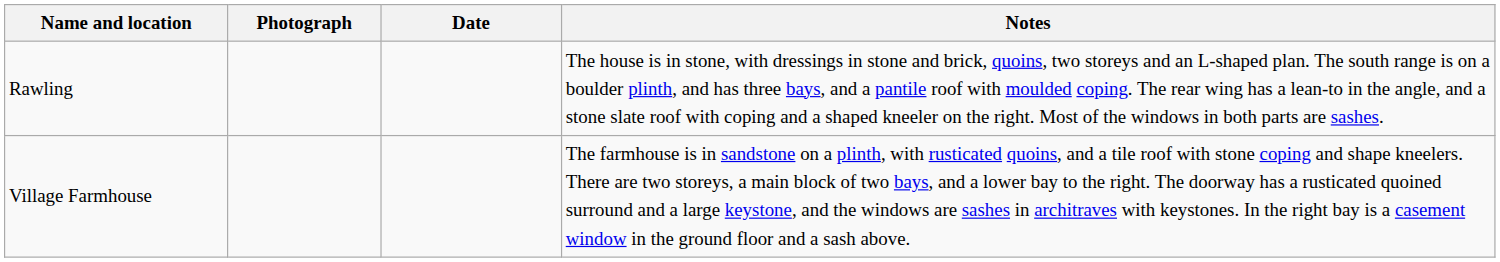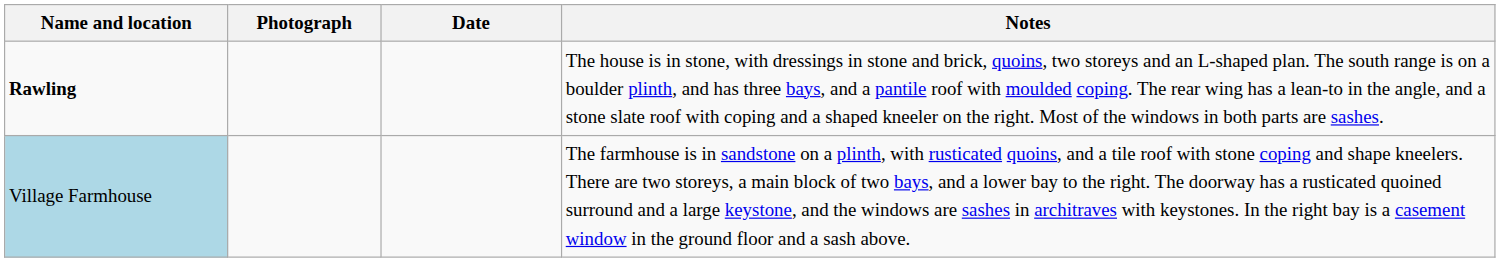 <table class="wikitable sortable plainrowheaders" style="width:100%;border:0px;text-align:left;line-height:150%;">
 <tr>
 <th scope="col"  style="width:150px">Name and location</th>
 <th scope="col"  style="width:100px" class="unsortable">Photograph</th>
 <th scope="col"  style="width:120px">Date</th>
 <th scope="col"  style="width:650px" class ="unsortable">Notes</th>
 </tr>
 <tr>
-<td>Rawling<br><small></small></td>
+<td><strong>Rawling<br><small></small></strong></td>
 <td></td>
 <td align="center"></td>
 <td>The house is in stone, with dressings in stone and brick, <a href='#'>quoins</a>, two storeys and an L-shaped plan.  The south range is on a boulder <a href='#'>plinth</a>, and has three <a href='#'>bays</a>, and a <a href='#'>pantile</a> roof with <a href='#'>moulded</a> <a href='#'>coping</a>.  The rear wing has a lean-to in the angle, and a stone slate roof with coping and a shaped kneeler on the right.  Most of the windows in both parts are <a href='#'>sashes</a>.</td>
 </tr>
 <tr>
-<td>Village Farmhouse<br><small></small></td>
+<td style="background: lightblue;">Village Farmhouse<br><small></small></td>
 <td></td>
 <td align="center"></td>
 <td>The farmhouse is in <a href='#'>sandstone</a> on a <a href='#'>plinth</a>, with <a href='#'>rusticated</a> <a href='#'>quoins</a>, and a tile roof with stone <a href='#'>coping</a> and shape kneelers.  There are two storeys, a main block of two <a href='#'>bays</a>, and a lower bay to the right.  The doorway has a rusticated quoined surround and a large <a href='#'>keystone</a>, and the windows are <a href='#'>sashes</a> in <a href='#'>architraves</a> with keystones.  In the right bay is a <a href='#'>casement window</a> in the ground floor and a sash above.</td>
 </tr>
 <tr>
 </tr>
 </table>
